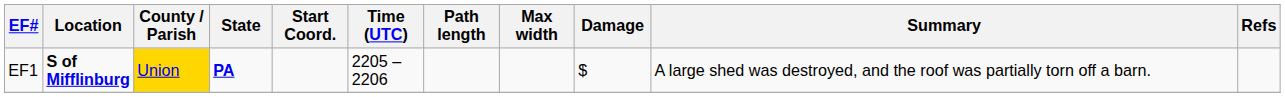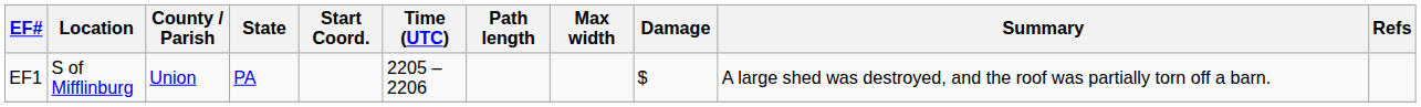 <table class="wikitable sortable" style="width:100%;">
 <tr>
 <th scope="col" width="3%" align="center"><a href='#'>EF#</a></th>
 <th scope="col" width="7%" align="center" class="unsortable">Location</th>
 <th scope="col" width="6%" align="center" class="unsortable">County / Parish</th>
 <th scope="col" width="5%" align="center">State</th>
 <th scope="col" width="6%" align="center">Start Coord.</th>
 <th scope="col" width="6%" align="center">Time (<a href='#'>UTC</a>)</th>
 <th scope="col" width="6%" align="center">Path length</th>
 <th scope="col" width="6%" align="center">Max width</th>
 <th scope="col" width="6%" align="center">Damage</th>
 <th scope="col" width="48%" class="unsortable" align="center">Summary</th>
 <th scope="col" width="48%" class="unsortable" align="center">Refs</th>
 </tr>
 <tr>
 <td>EF1</td>
-<td><strong>S of <a href='#'>Mifflinburg</a></strong></td>
-<td style="background: gold;"><a href='#'>Union</a></td>
-<td><strong><a href='#'>PA</a></strong></td>
+<td>S of <a href='#'>Mifflinburg</a></td>
+<td><a href='#'>Union</a></td>
+<td><a href='#'>PA</a></td>
 <td></td>
 <td>2205 – 2206</td>
 <td></td>
 <td></td>
 <td>$</td>
 <td>A large shed was destroyed, and the roof was partially torn off a barn.</td>
 <td></td>
 </tr>
 <tr>
 </tr>
 </table>
